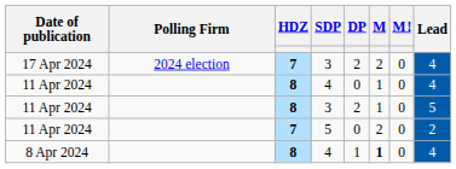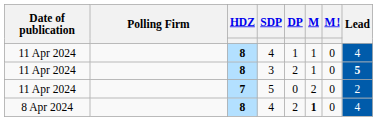 <table class="wikitable sortable" style="text-align:center; font-size:90%; line-height:16px;">
 <tr style="height:42px;">
 <th style="width:100px;" rowspan="2">Date of publication</th>
 <th style="width:165px;" rowspan="2">Polling Firm</th>
 <th><a href='#'>HDZ</a></th>
 <th><a href='#'>SDP</a></th>
 <th><a href='#'>DP</a></th>
 <th><a href='#'>M</a></th>
 <th style="letter-spacing:-1px;"><a href='#'>M !</a></th>
 <th class="unsortable" style="width:20px;" rowspan="2">Lead</th>
 </tr>
 <tr>
 <th style="color:inherit;background:"></th>
 <th data-sort-type="number" style="color:inherit;background:"></th>
 <th style="color:inherit;background:"></th>
 <th style="color:inherit;background:"></th>
 <th style="color:inherit;background:"></th>
 </tr>
 <tr>
-<td>17 Apr 2024</td>
-<td><a href='#'>2024 election</a></td>
-<td style="background:#B3E0FF"><strong>7</strong></td>
-<td>3</td>
-<td>2</td>
-<td>2</td>
-<td>0</td>
-<td style="background:#005BAA; color: white">4</td>
-</tr>
-<tr>
 <td>11 Apr 2024</td>
 <td></td>
 <td style="background:#B3E0FF"><strong>8</strong></td>
 <td>4</td>
-<td>0</td>
+<td>1</td>
 <td>1</td>
 <td>0</td>
 <td style="background:#005BAA; color: white">4</td>
 </tr>
 <tr>
 <td>11 Apr 2024</td>
 <td></td>
 <td style="background:#B3E0FF"><strong>8</strong></td>
 <td>3</td>
 <td>2</td>
 <td>1</td>
 <td>0</td>
-<td style="background:#005BAA; color: white">5</td>
+<td style="background:#005BAA; color: white"><strong>5</strong></td>
 </tr>
 <tr>
 <td>11 Apr 2024</td>
 <td></td>
 <td style="background:#B3E0FF"><strong>7</strong></td>
 <td>5</td>
 <td>0</td>
 <td>2</td>
 <td>0</td>
 <td style="background:#005BAA; color: white">2</td>
 </tr>
 <tr>
 <td>8 Apr 2024</td>
 <td></td>
 <td style="background:#B3E0FF"><strong>8</strong></td>
 <td>4</td>
-<td>1</td>
+<td>2</td>
 <td><strong>1</strong></td>
 <td>0</td>
 <td style="background:#005BAA; color: white">4</td>
 </tr>
 </table>
